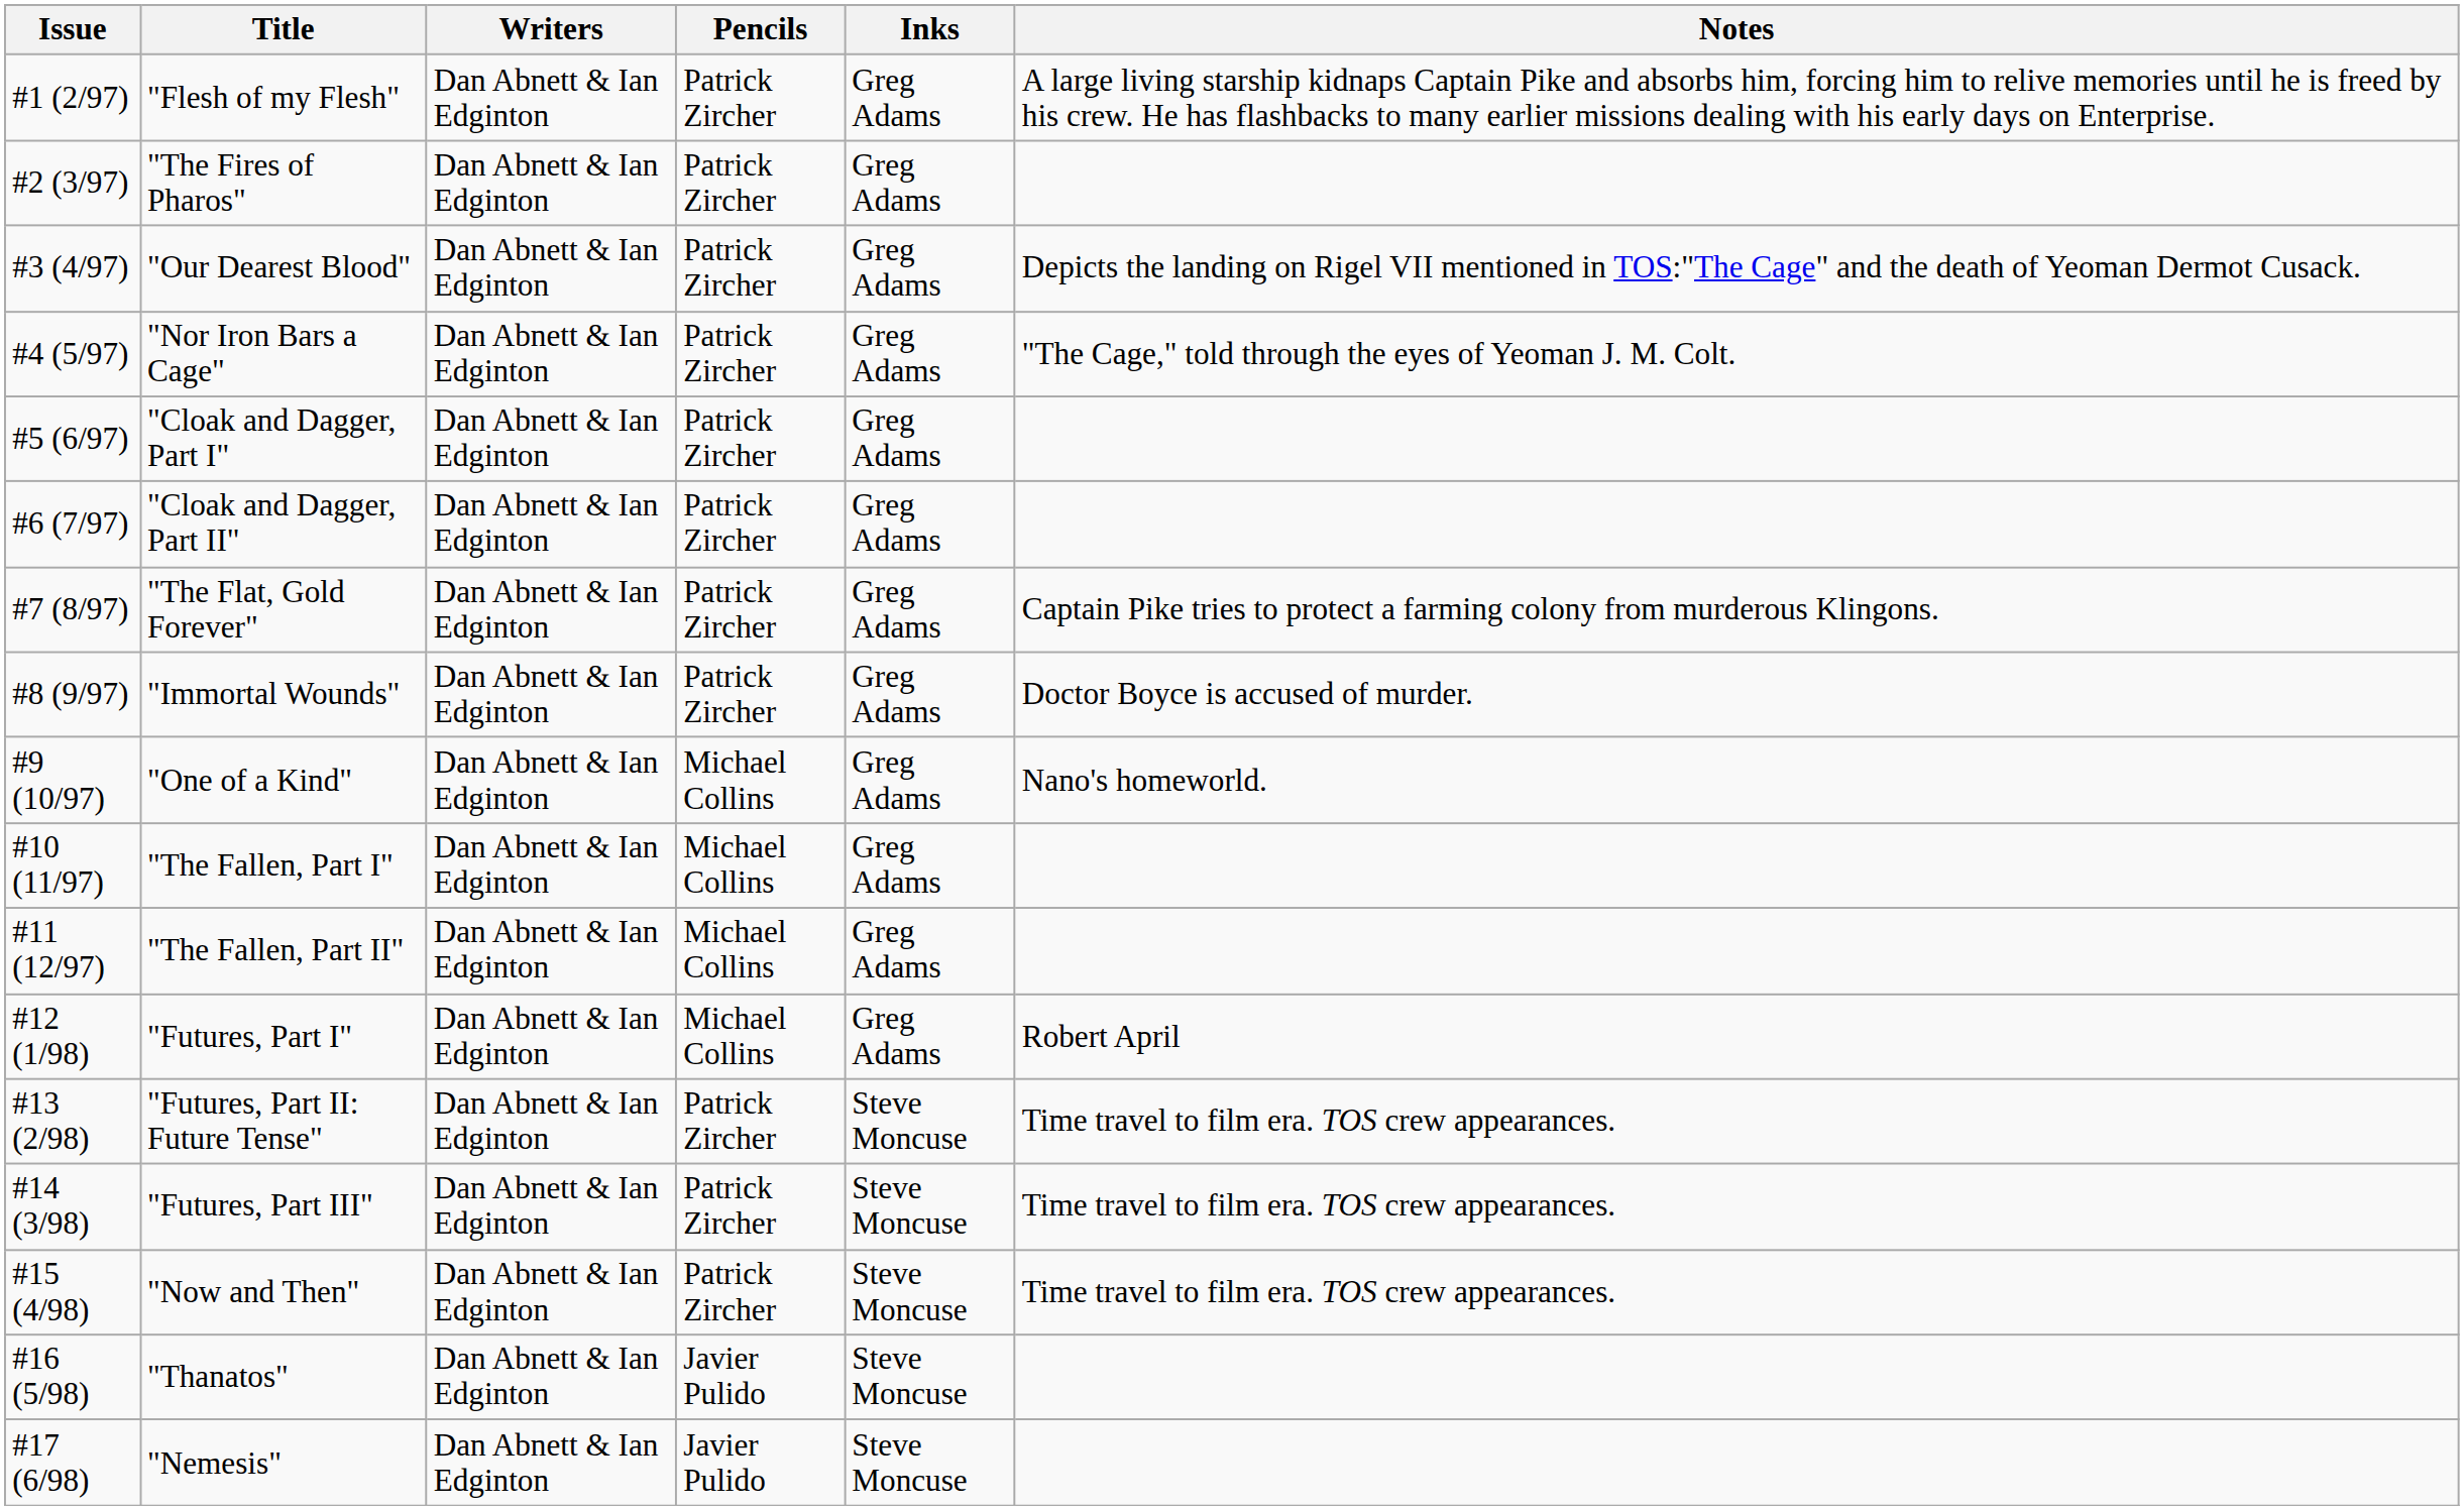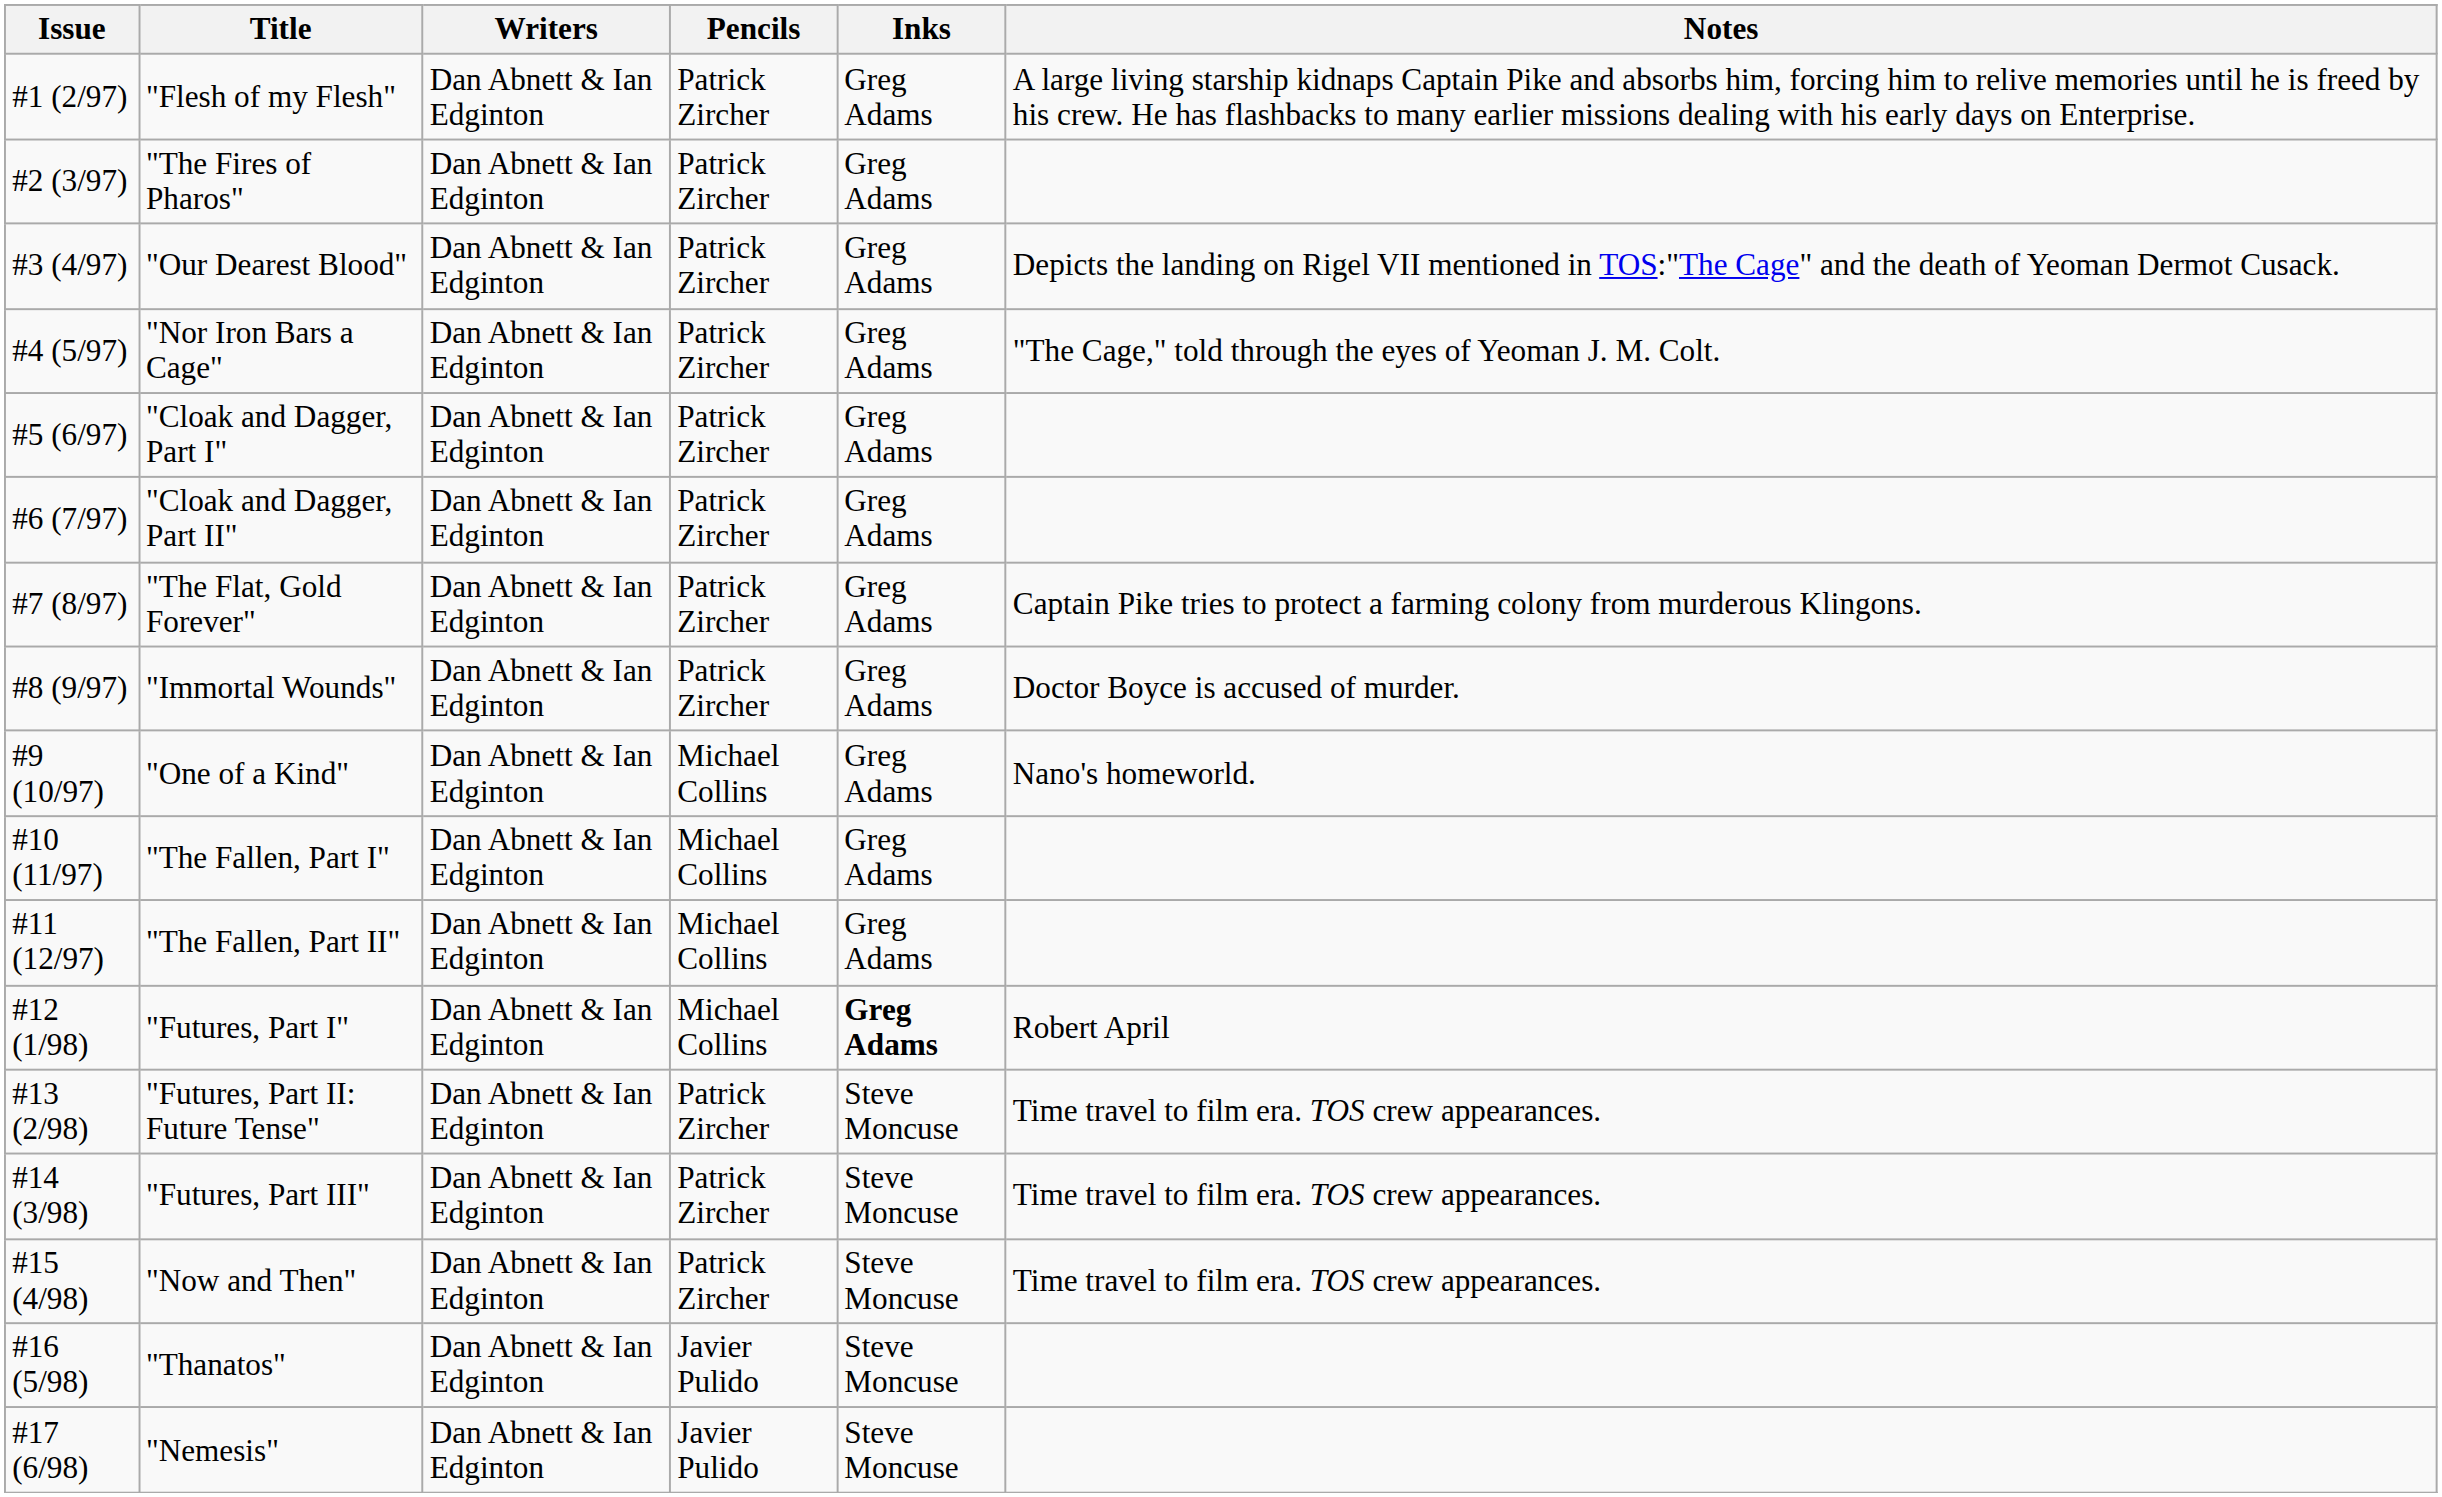 <table class="wikitable">
 <tr>
 <th>Issue</th>
 <th>Title</th>
 <th>Writers</th>
 <th>Pencils</th>
 <th>Inks</th>
 <th>Notes</th>
 </tr>
 <tr>
 <td>#1 (2/97)</td>
 <td>"Flesh of my Flesh"</td>
 <td>Dan Abnett & Ian Edginton</td>
 <td>Patrick Zircher</td>
 <td>Greg Adams</td>
 <td>A large living starship kidnaps Captain Pike and absorbs him, forcing him to relive memories until he is freed by his crew. He has flashbacks to many earlier missions dealing with his early days on Enterprise.</td>
 </tr>
 <tr>
 <td>#2 (3/97)</td>
 <td>"The Fires of Pharos"</td>
 <td>Dan Abnett & Ian Edginton</td>
 <td>Patrick Zircher</td>
 <td>Greg Adams</td>
 <td></td>
 </tr>
 <tr>
 <td>#3 (4/97)</td>
 <td>"Our Dearest Blood"</td>
 <td>Dan Abnett & Ian Edginton</td>
 <td>Patrick Zircher</td>
 <td>Greg Adams</td>
 <td>Depicts the landing on Rigel VII mentioned in <a href='#'>TOS</a>:"<a href='#'>The Cage</a>" and the death of Yeoman Dermot Cusack.</td>
 </tr>
 <tr>
 <td>#4 (5/97)</td>
 <td>"Nor Iron Bars a Cage"</td>
 <td>Dan Abnett & Ian Edginton</td>
 <td>Patrick Zircher</td>
 <td>Greg Adams</td>
 <td>"The Cage," told through the eyes of Yeoman J. M. Colt.</td>
 </tr>
 <tr>
 <td>#5 (6/97)</td>
 <td>"Cloak and Dagger, Part I"</td>
 <td>Dan Abnett & Ian Edginton</td>
 <td>Patrick Zircher</td>
 <td>Greg Adams</td>
 <td></td>
 </tr>
 <tr>
 <td>#6 (7/97)</td>
 <td>"Cloak and Dagger, Part II"</td>
 <td>Dan Abnett & Ian Edginton</td>
 <td>Patrick Zircher</td>
 <td>Greg Adams</td>
 <td></td>
 </tr>
 <tr>
 <td>#7 (8/97)</td>
 <td>"The Flat, Gold Forever"</td>
 <td>Dan Abnett & Ian Edginton</td>
 <td>Patrick Zircher</td>
 <td>Greg Adams</td>
 <td>Captain Pike tries to protect a farming colony from murderous Klingons.</td>
 </tr>
 <tr>
 <td>#8 (9/97)</td>
 <td>"Immortal Wounds"</td>
 <td>Dan Abnett & Ian Edginton</td>
 <td>Patrick Zircher</td>
 <td>Greg Adams</td>
 <td>Doctor Boyce is accused of murder.</td>
 </tr>
 <tr>
 <td>#9 (10/97)</td>
 <td>"One of a Kind"</td>
 <td>Dan Abnett & Ian Edginton</td>
 <td>Michael Collins</td>
 <td>Greg Adams</td>
 <td>Nano's homeworld.</td>
 </tr>
 <tr>
 <td>#10 (11/97)</td>
 <td>"The Fallen, Part I"</td>
 <td>Dan Abnett & Ian Edginton</td>
 <td>Michael Collins</td>
 <td>Greg Adams</td>
 <td></td>
 </tr>
 <tr>
 <td>#11 (12/97)</td>
 <td>"The Fallen, Part II"</td>
 <td>Dan Abnett & Ian Edginton</td>
 <td>Michael Collins</td>
 <td>Greg Adams</td>
 <td></td>
 </tr>
 <tr>
 <td>#12 (1/98)</td>
 <td>"Futures, Part I"</td>
 <td>Dan Abnett & Ian Edginton</td>
 <td>Michael Collins</td>
-<td>Greg Adams</td>
+<td><strong>Greg Adams</strong></td>
 <td>Robert April</td>
 </tr>
 <tr>
 <td>#13 (2/98)</td>
 <td>"Futures, Part II: Future Tense"</td>
 <td>Dan Abnett & Ian Edginton</td>
 <td>Patrick Zircher</td>
 <td>Steve Moncuse</td>
 <td>Time travel to film era. <em>TOS</em> crew appearances.</td>
 </tr>
 <tr>
 <td>#14 (3/98)</td>
 <td>"Futures, Part III"</td>
 <td>Dan Abnett & Ian Edginton</td>
 <td>Patrick Zircher</td>
 <td>Steve Moncuse</td>
 <td>Time travel to film era. <em>TOS</em> crew appearances.</td>
 </tr>
 <tr>
 <td>#15 (4/98)</td>
 <td>"Now and Then"</td>
 <td>Dan Abnett & Ian Edginton</td>
 <td>Patrick Zircher</td>
 <td>Steve Moncuse</td>
 <td>Time travel to film era. <em>TOS</em> crew appearances.</td>
 </tr>
 <tr>
 <td>#16 (5/98)</td>
 <td>"Thanatos"</td>
 <td>Dan Abnett & Ian Edginton</td>
 <td>Javier Pulido</td>
 <td>Steve Moncuse</td>
 <td></td>
 </tr>
 <tr>
 <td>#17 (6/98)</td>
 <td>"Nemesis"</td>
 <td>Dan Abnett & Ian Edginton</td>
 <td>Javier Pulido</td>
 <td>Steve Moncuse</td>
 <td></td>
 </tr>
 <tr>
 </tr>
 </table>
